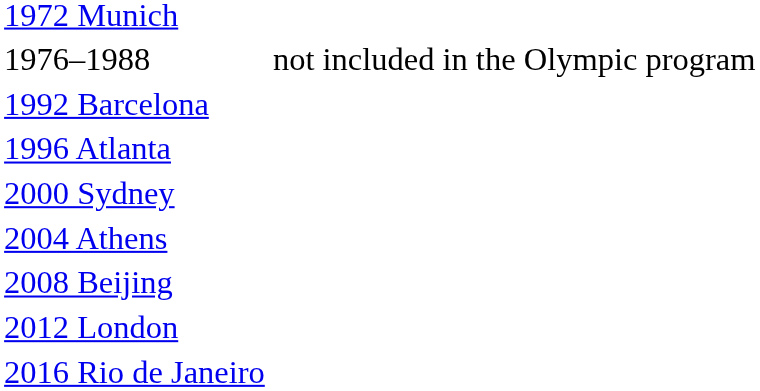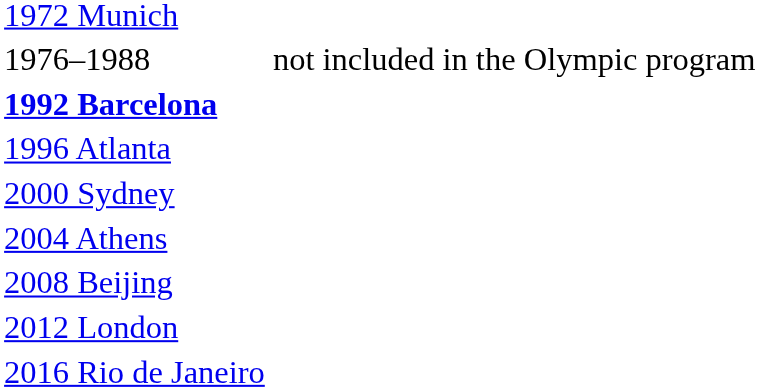 <table>
 <tr valign="top">
 <td><a href='#'>1972 Munich</a><br></td>
 <td></td>
 <td></td>
 <td></td>
 </tr>
 <tr>
 <td>1976–1988</td>
 <td colspan=3 align=center>not included in the Olympic program</td>
 </tr>
 <tr>
-<td><a href='#'>1992 Barcelona</a><br></td>
+<td><strong><a href='#'>1992 Barcelona</a><br></strong></td>
 <td></td>
 <td></td>
 <td></td>
 </tr>
 <tr>
 <td><a href='#'>1996 Atlanta</a><br></td>
 <td></td>
 <td></td>
 <td></td>
 </tr>
 <tr>
 <td><a href='#'>2000 Sydney</a><br></td>
 <td></td>
 <td></td>
 <td></td>
 </tr>
 <tr>
 <td><a href='#'>2004 Athens</a><br></td>
 <td></td>
 <td></td>
 <td></td>
 </tr>
 <tr>
 <td><a href='#'>2008 Beijing</a><br></td>
 <td></td>
 <td></td>
 <td></td>
 </tr>
 <tr>
 <td><a href='#'>2012 London</a><br></td>
 <td></td>
 <td></td>
 <td></td>
 </tr>
 <tr>
 <td><a href='#'>2016 Rio de Janeiro</a><br></td>
 <td></td>
 <td></td>
 <td></td>
 </tr>
 <tr>
 </tr>
 </table>
